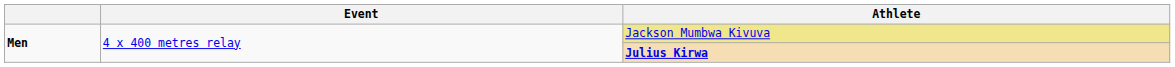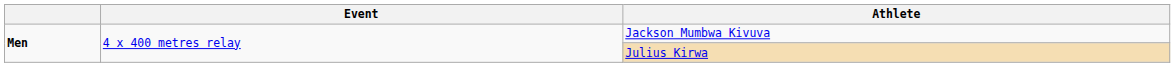 <table class=wikitable style="font-size:90%" width=60%>
 <tr>
 <th></th>
 <th>Event</th>
 <th>Athlete</th>
 </tr>
 <tr>
 <td rowspan=2><strong>Men</strong></td>
 <td rowspan=2><a href='#'>4 x 400 metres relay</a></td>
-<td style="background: khaki;"><a href='#'>Jackson Mumbwa Kivuva</a></td>
+<td><a href='#'>Jackson Mumbwa Kivuva</a></td>
 </tr>
 <tr>
-<td bgcolor="wheat"><strong><a href='#'>Julius Kirwa</a></strong></td>
+<td bgcolor="wheat"><a href='#'>Julius Kirwa</a></td>
 </tr>
 </table>
